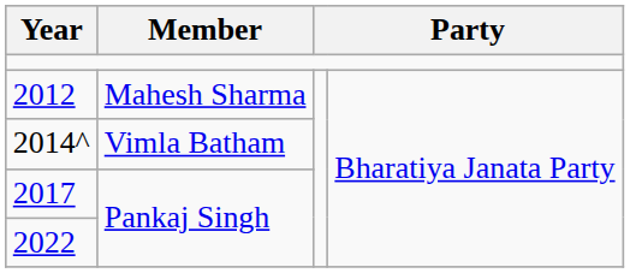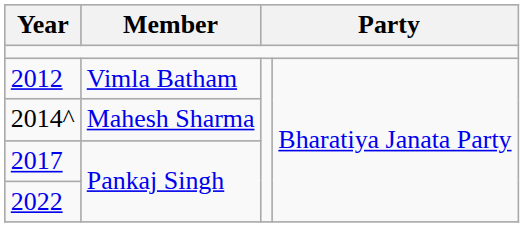 <table class="wikitable">
 <tr>
 <th>Year</th>
 <th>Member</th>
 <th colspan="2">Party</th>
 </tr>
 <tr>
 <td colspan="4"></td>
 </tr>
 <tr>
 <td><a href='#'>2012</a></td>
-<td><a href='#'>Mahesh Sharma</a></td>
+<td><a href='#'>Vimla Batham</a></td>
 <td rowspan="4" style="background-color: "></td>
 <td rowspan="4"><a href='#'>Bharatiya Janata Party</a></td>
 </tr>
 <tr>
 <td>2014^</td>
-<td><a href='#'>Vimla Batham</a></td>
+<td><a href='#'>Mahesh Sharma</a></td>
 </tr>
 <tr>
 <td><a href='#'>2017</a></td>
 <td rowspan="2"><a href='#'>Pankaj Singh</a></td>
 </tr>
 <tr>
 <td><a href='#'>2022</a></td>
 </tr>
 </table>
